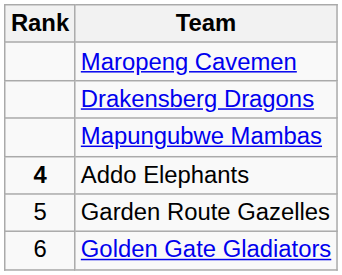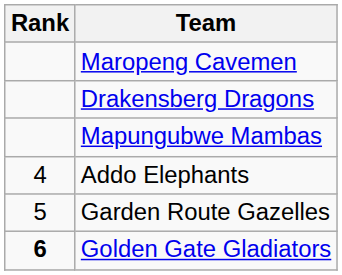 <table class="wikitable">
 <tr>
 <th style="width: 40px;">Rank</th>
 <th>Team</th>
 </tr>
 <tr>
 <td style="text-align: center;"></td>
 <td> <a href='#'>Maropeng Cavemen</a></td>
 </tr>
 <tr>
 <td style="text-align: center;"></td>
 <td> <a href='#'>Drakensberg Dragons</a></td>
 </tr>
 <tr>
 <td style="text-align: center;"></td>
 <td> <a href='#'>Mapungubwe Mambas</a></td>
 </tr>
 <tr>
-<td style="text-align: center;"><strong>4</strong></td>
+<td style="text-align: center;">4</td>
 <td> Addo Elephants</td>
 </tr>
 <tr>
 <td style="text-align: center;">5</td>
 <td> Garden Route Gazelles</td>
 </tr>
 <tr>
-<td style="text-align: center;">6</td>
+<td style="text-align: center;"><strong>6</strong></td>
 <td> <a href='#'>Golden Gate Gladiators</a></td>
 </tr>
 </table>
